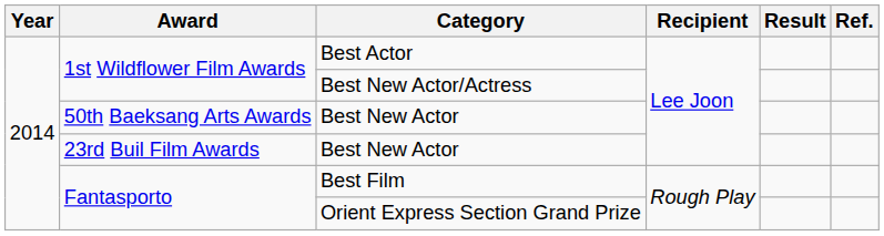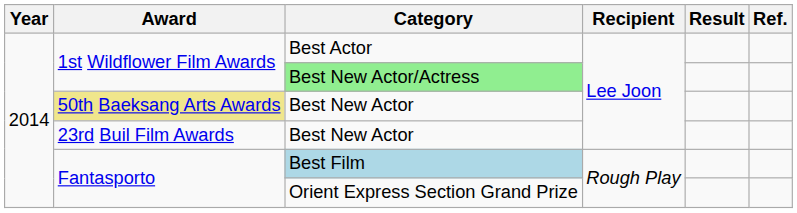 <table class="wikitable sortable">
 <tr>
 <th>Year</th>
 <th>Award</th>
 <th>Category</th>
 <th>Recipient</th>
 <th>Result</th>
 <th>Ref.</th>
 </tr>
 <tr>
 <td rowspan=6>2014</td>
 <td rowspan=2><a href='#'>1st</a> <a href='#'>Wildflower Film Awards</a></td>
 <td>Best Actor</td>
 <td rowspan=4><a href='#'>Lee Joon</a></td>
 <td></td>
 <td></td>
 </tr>
 <tr>
-<td>Best New Actor/Actress</td>
+<td style="background: lightgreen;">Best New Actor/Actress</td>
 <td></td>
 <td></td>
 </tr>
 <tr>
-<td><a href='#'>50th</a> <a href='#'>Baeksang Arts Awards</a></td>
+<td style="background: khaki;"><a href='#'>50th</a> <a href='#'>Baeksang Arts Awards</a></td>
 <td>Best New Actor</td>
 <td></td>
 <td></td>
 </tr>
 <tr>
 <td><a href='#'>23rd</a> <a href='#'>Buil Film Awards</a></td>
 <td>Best New Actor</td>
 <td></td>
 <td></td>
 </tr>
 <tr>
 <td rowspan=2><a href='#'>Fantasporto</a></td>
-<td>Best Film</td>
+<td style="background: lightblue;">Best Film</td>
 <td rowspan=2><em>Rough Play</em></td>
 <td></td>
 <td></td>
 </tr>
 <tr>
 <td>Orient Express Section Grand Prize</td>
 <td></td>
 <td></td>
 </tr>
 </table>
